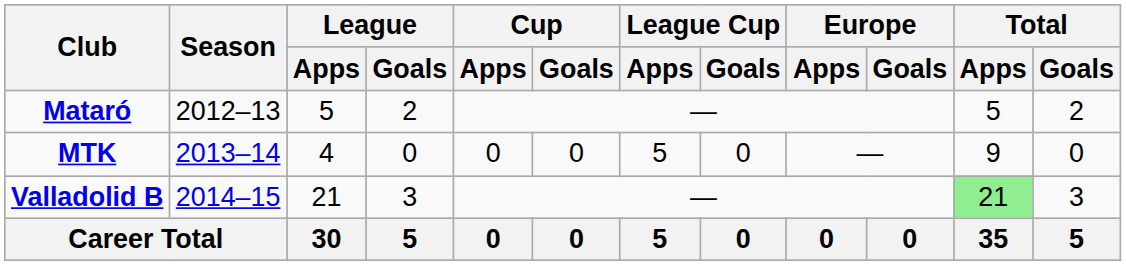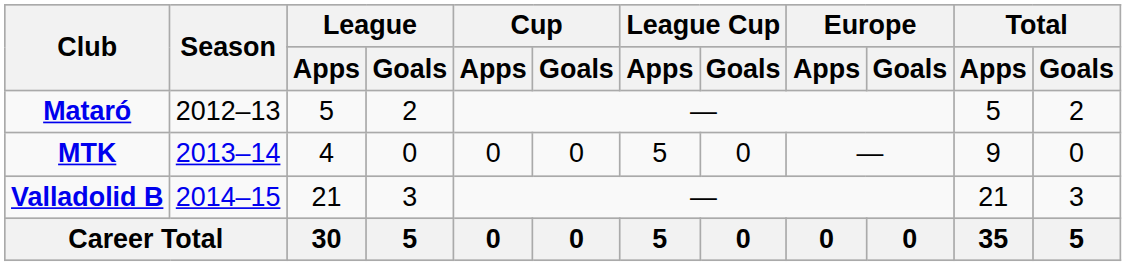 <table class="wikitable" style="text-align: center;">
 <tr>
 <th rowspan="2">Club</th>
 <th rowspan="2">Season</th>
 <th colspan="2">League</th>
 <th colspan="2">Cup</th>
 <th colspan="2">League Cup</th>
 <th colspan="2">Europe</th>
 <th colspan="2">Total</th>
 </tr>
 <tr>
 <th>Apps</th>
 <th>Goals</th>
 <th>Apps</th>
 <th>Goals</th>
 <th>Apps</th>
 <th>Goals</th>
 <th>Apps</th>
 <th>Goals</th>
 <th>Apps</th>
 <th>Goals</th>
 </tr>
 <tr>
 <td valign="center"><strong><a href='#'>Mataró</a></strong></td>
 <td>2012–13</td>
 <td>5</td>
 <td>2</td>
 <td colspan="6">—</td>
 <td>5</td>
 <td>2</td>
 </tr>
 <tr>
 <td valign="center"><strong><a href='#'>MTK</a></strong></td>
 <td><a href='#'>2013–14</a></td>
 <td>4</td>
 <td>0</td>
 <td>0</td>
 <td>0</td>
 <td>5</td>
 <td>0</td>
 <td colspan="2">—</td>
 <td>9</td>
 <td>0</td>
 </tr>
 <tr>
 <td valign="center"><strong><a href='#'>Valladolid B</a></strong></td>
 <td><a href='#'>2014–15</a></td>
 <td>21</td>
 <td>3</td>
 <td colspan="6">—</td>
-<td style="background: lightgreen;">21</td>
+<td>21</td>
 <td>3</td>
 </tr>
 <tr>
 <th colspan="2" valign="top"><strong>Career Total</strong></th>
 <th>30</th>
 <th>5</th>
 <th>0</th>
 <th>0</th>
 <th>5</th>
 <th>0</th>
 <th>0</th>
 <th>0</th>
 <th>35</th>
 <th>5</th>
 </tr>
 </table>
